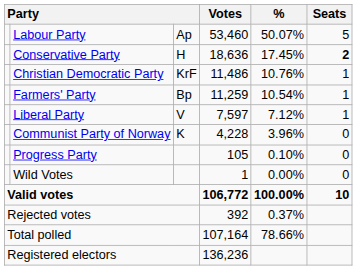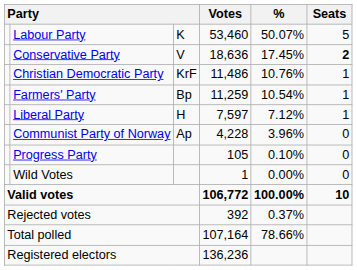 <table class="wikitable" border="1" style="text-align:right;">
 <tr>
 <th style="text-align:left;" colspan=3>Party</th>
 <th align=center width="50">Votes</th>
 <th align=center width="50">%</th>
 <th align=center width="50">Seats</th>
 </tr>
 <tr>
 <td style="color:inherit;background:"></td>
 <td align=left><a href='#'>Labour Party</a></td>
-<td align=left>Ap</td>
+<td align=left>K</td>
 <td>53,460</td>
 <td>50.07%</td>
 <td>5</td>
 </tr>
 <tr>
 <td style="color:inherit;background:"></td>
 <td align=left><a href='#'>Conservative Party</a></td>
-<td align=left>H</td>
+<td align=left>V</td>
 <td>18,636</td>
 <td>17.45%</td>
 <td><strong>2</strong></td>
 </tr>
 <tr>
 <td style="color:inherit;background:"></td>
 <td align=left><a href='#'>Christian Democratic Party</a></td>
 <td align=left>KrF</td>
 <td>11,486</td>
 <td>10.76%</td>
 <td>1</td>
 </tr>
 <tr>
 <td style="color:inherit;background:"></td>
 <td align=left><a href='#'>Farmers' Party</a></td>
 <td align=left>Bp</td>
 <td>11,259</td>
 <td>10.54%</td>
 <td>1</td>
 </tr>
 <tr>
 <td style="color:inherit;background:"></td>
 <td align=left><a href='#'>Liberal Party</a></td>
-<td align=left>V</td>
+<td align=left>H</td>
 <td>7,597</td>
 <td>7.12%</td>
 <td>1</td>
 </tr>
 <tr>
 <td style="color:inherit;background:"></td>
 <td align=left><a href='#'>Communist Party of Norway</a></td>
-<td align=left>K</td>
+<td align=left>Ap</td>
 <td>4,228</td>
 <td>3.96%</td>
 <td>0</td>
 </tr>
 <tr>
 <td></td>
 <td align=left><a href='#'>Progress Party</a></td>
 <td align=left></td>
 <td>105</td>
 <td>0.10%</td>
 <td>0</td>
 </tr>
 <tr>
 <td></td>
 <td align=left>Wild Votes</td>
 <td align=left></td>
 <td>1</td>
 <td>0.00%</td>
 <td>0</td>
 </tr>
 <tr style="font-weight:bold">
 <td align=left colspan=3>Valid votes</td>
 <td>106,772</td>
 <td>100.00%</td>
 <td>10</td>
 </tr>
 <tr>
 <td align=left colspan=3>Rejected votes</td>
 <td>392</td>
 <td>0.37%</td>
 <td></td>
 </tr>
 <tr>
 <td align=left colspan=3>Total polled</td>
 <td>107,164</td>
 <td>78.66%</td>
 <td></td>
 </tr>
 <tr>
 <td align=left colspan=3>Registered electors</td>
 <td>136,236</td>
 <td></td>
 <td></td>
 </tr>
 </table>
